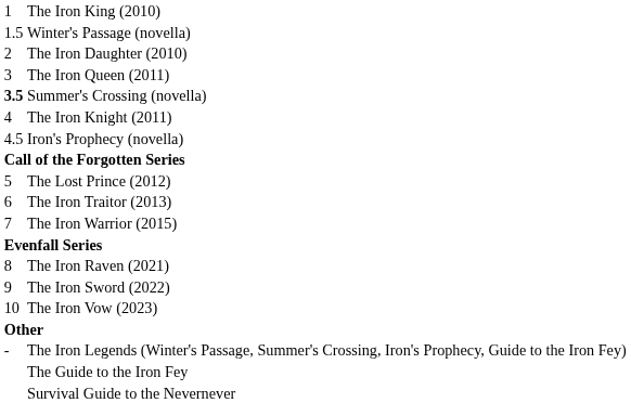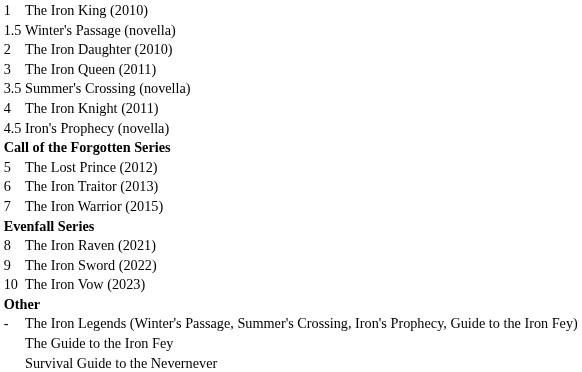 <table>
 <tr>
 <td>1</td>
 <td>The Iron King (2010)</td>
 </tr>
 <tr>
 <td>1.5</td>
 <td>Winter's Passage (novella)</td>
 </tr>
 <tr>
 <td>2</td>
 <td>The Iron Daughter (2010)</td>
 </tr>
 <tr>
 <td>3</td>
 <td>The Iron Queen (2011)</td>
 </tr>
 <tr>
-<td><strong>3.5</strong></td>
+<td>3.5</td>
 <td>Summer's Crossing (novella)</td>
 </tr>
 <tr>
 <td>4</td>
 <td>The Iron Knight (2011)</td>
 </tr>
 <tr>
 <td>4.5</td>
 <td>Iron's Prophecy (novella)</td>
 </tr>
 <tr>
 <td colspan="2"><strong>Call of the Forgotten Series</strong></td>
 </tr>
 <tr>
 <td>5</td>
 <td>The Lost Prince (2012)</td>
 </tr>
 <tr>
 <td>6</td>
 <td>The Iron Traitor (2013)</td>
 </tr>
 <tr>
 <td>7</td>
 <td>The Iron Warrior (2015)</td>
 </tr>
 <tr>
 <td colspan="2"><strong>Evenfall Series</strong></td>
 </tr>
 <tr>
 <td>8</td>
 <td>The Iron Raven (2021)</td>
 </tr>
 <tr>
 <td>9</td>
 <td>The Iron Sword (2022)</td>
 </tr>
 <tr>
 <td>10</td>
 <td>The Iron Vow (2023)</td>
 </tr>
 <tr>
 <td colspan="2"><strong>Other</strong></td>
 </tr>
 <tr>
 <td>-</td>
 <td>The Iron Legends (Winter's Passage, Summer's Crossing, Iron's Prophecy, Guide to the Iron Fey)</td>
 </tr>
 <tr>
 <td></td>
 <td>The Guide to the Iron Fey</td>
 </tr>
 <tr>
 <td></td>
 <td>Survival Guide to the Nevernever</td>
 </tr>
 </table>
